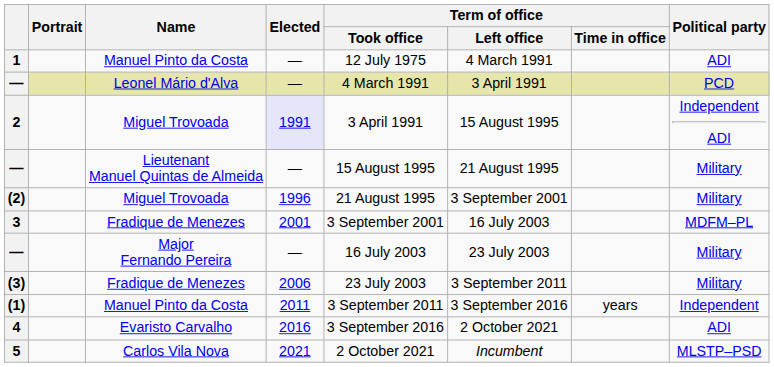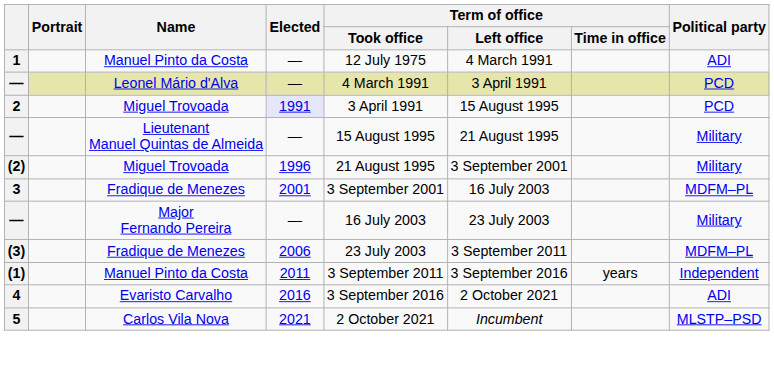 <table class="wikitable" style="text-align:center">
 <tr>
 <th rowspan="2"></th>
 <th rowspan="2">Portrait</th>
 <th rowspan="2">Name<br></th>
 <th rowspan="2">Elected</th>
 <th colspan="3">Term of office</th>
 <th rowspan="2">Political party</th>
 </tr>
 <tr>
 <th>Took office</th>
 <th>Left office</th>
 <th>Time in office</th>
 </tr>
 <tr>
 <th style="background-color:">1</th>
 <td></td>
 <td><a href='#'>Manuel Pinto da Costa</a><br></td>
 <td>—</td>
 <td>12 July 1975</td>
 <td>4 March 1991</td>
 <td></td>
 <td><a href='#'>ADI</a></td>
 </tr>
 <tr style="background:#e6e6aa;">
 <th style="background-color:">—</th>
 <td></td>
 <td><a href='#'>Leonel Mário d'Alva</a><br></td>
 <td>—</td>
 <td>4 March 1991</td>
 <td>3 April 1991</td>
 <td></td>
 <td><a href='#'>PCD</a></td>
 </tr>
 <tr>
 <th style="background-color:">2</th>
 <td></td>
 <td><a href='#'>Miguel Trovoada</a><br></td>
 <td style="background: lavender;"><a href='#'>1991</a></td>
 <td>3 April 1991</td>
 <td>15 August 1995<br></td>
 <td></td>
-<td><a href='#'>Independent</a><br><hr><a href='#'>ADI</a><br></td>
+<td><a href='#'>PCD</a></td>
 </tr>
 <tr>
 <th style="background-color:">—</th>
 <td></td>
 <td><a href='#'>Lieutenant</a><br><a href='#'>Manuel Quintas de Almeida</a><br></td>
 <td>—</td>
 <td>15 August 1995</td>
 <td>21 August 1995</td>
 <td></td>
 <td><a href='#'>Military</a><br></td>
 </tr>
 <tr>
 <th style="background-color:">(2)</th>
 <td></td>
 <td><a href='#'>Miguel Trovoada</a><br></td>
 <td><a href='#'>1996</a></td>
 <td>21 August 1995</td>
 <td>3 September 2001</td>
 <td></td>
 <td><a href='#'>Military</a><br></td>
 </tr>
 <tr>
 <th style="background-color:">3</th>
 <td></td>
 <td><a href='#'>Fradique de Menezes</a><br></td>
 <td><a href='#'>2001</a></td>
 <td>3 September 2001</td>
 <td>16 July 2003<br></td>
 <td></td>
 <td><a href='#'>MDFM–PL</a></td>
 </tr>
 <tr>
 <th style="background-color:">—</th>
 <td></td>
 <td><a href='#'>Major</a><br><a href='#'>Fernando Pereira</a><br></td>
 <td>—</td>
 <td>16 July 2003</td>
 <td>23 July 2003</td>
 <td></td>
 <td><a href='#'>Military</a></td>
 </tr>
 <tr>
 <th style="background-color:">(3)</th>
 <td></td>
 <td><a href='#'>Fradique de Menezes</a><br></td>
 <td><a href='#'>2006</a></td>
 <td>23 July 2003</td>
 <td>3 September 2011</td>
 <td></td>
-<td><a href='#'>Military</a><br></td>
+<td><a href='#'>MDFM–PL</a></td>
 </tr>
 <tr>
 <th style="background:">(1)</th>
 <td></td>
 <td><a href='#'>Manuel Pinto da Costa</a><br></td>
 <td><a href='#'>2011</a></td>
 <td>3 September 2011</td>
 <td>3 September 2016</td>
 <td> years</td>
 <td><a href='#'>Independent</a></td>
 </tr>
 <tr>
 <th style="background-color:">4</th>
 <td></td>
 <td><a href='#'>Evaristo Carvalho</a><br></td>
 <td><a href='#'>2016</a></td>
 <td>3 September 2016</td>
 <td>2 October 2021</td>
 <td></td>
 <td><a href='#'>ADI</a></td>
 </tr>
 <tr>
 <th style="background-color:">5</th>
 <td></td>
 <td><a href='#'>Carlos Vila Nova</a><br></td>
 <td><a href='#'>2021</a></td>
 <td>2 October 2021</td>
 <td><em>Incumbent</em></td>
 <td></td>
 <td><a href='#'>MLSTP–PSD</a></td>
 </tr>
 </table>
